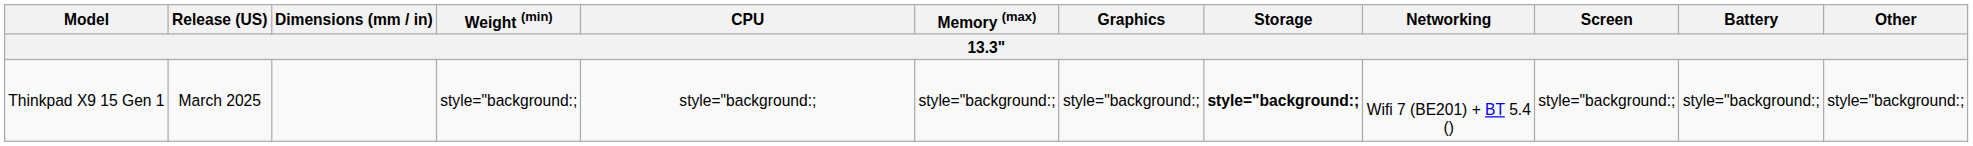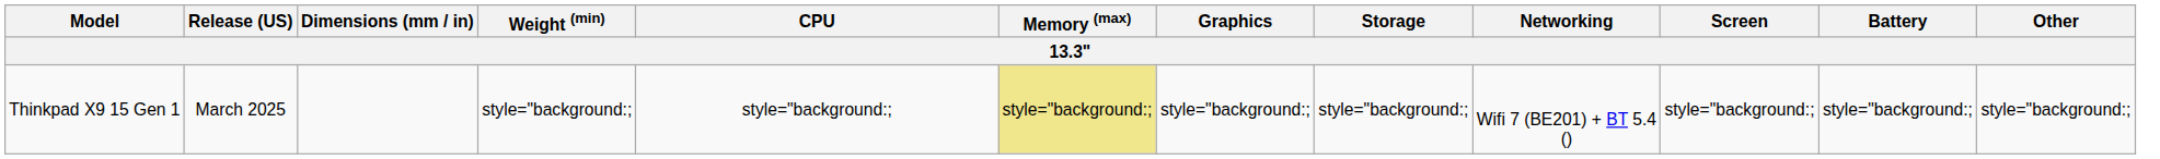 <table class="wikitable" style="font-size: 80%; text-align: center; min-width: 80%;">
 <tr>
 <th>Model</th>
 <th>Release (US)</th>
 <th>Dimensions (mm / in)</th>
 <th>Weight <sup>(min)</sup></th>
 <th style="width:17%">CPU</th>
 <th>Memory <sup>(max)</sup></th>
 <th>Graphics</th>
 <th>Storage</th>
 <th>Networking</th>
 <th>Screen</th>
 <th>Battery</th>
 <th>Other</th>
 </tr>
 <tr>
 <th colspan=12>13.3"</th>
 </tr>
 <tr>
 <td>Thinkpad X9 15 Gen 1 </td>
 <td>March 2025</td>
 <td></td>
 <td>style="background:;</td>
 <td>style="background:; </td>
+<td style="background: khaki;">style="background:;</td>
 <td>style="background:;</td>
 <td>style="background:;</td>
-<td><strong>style="background:;</strong></td>
 <td><br><br>Wifi 7 (BE201) + <a href='#'>BT</a> 5.4 <br>()</td>
 <td>style="background:;</td>
 <td>style="background:;</td>
 <td>style="background:;</td>
 </tr>
 </table>
